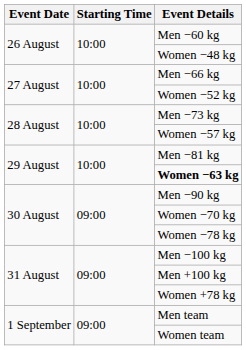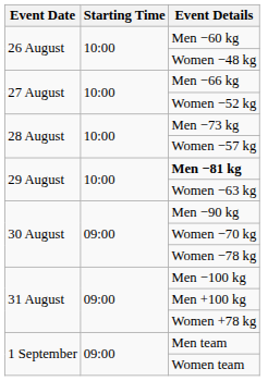 <table class="wikitable">
 <tr>
 <th>Event Date</th>
 <th>Starting Time</th>
 <th>Event Details</th>
 </tr>
 <tr>
 <td rowspan=2>26 August</td>
 <td rowspan=2>10:00</td>
 <td>Men −60 kg</td>
 </tr>
 <tr>
 <td>Women −48 kg</td>
 </tr>
 <tr>
 <td rowspan=2>27 August</td>
 <td rowspan=2>10:00</td>
 <td>Men −66 kg</td>
 </tr>
 <tr>
 <td>Women −52 kg</td>
 </tr>
 <tr>
 <td rowspan=2>28 August</td>
 <td rowspan=2>10:00</td>
 <td>Men −73 kg</td>
 </tr>
 <tr>
 <td>Women −57 kg</td>
 </tr>
 <tr>
 <td rowspan=2>29 August</td>
 <td rowspan=2>10:00</td>
-<td>Men −81 kg</td>
+<td><strong>Men −81 kg</strong></td>
 </tr>
 <tr>
-<td><strong>Women −63 kg</strong></td>
+<td>Women −63 kg</td>
 </tr>
 <tr>
 <td rowspan=3>30 August</td>
 <td rowspan=3>09:00</td>
 <td>Men −90 kg</td>
 </tr>
 <tr>
 <td>Women −70 kg</td>
 </tr>
 <tr>
 <td>Women −78 kg</td>
 </tr>
 <tr>
 <td rowspan=3>31 August</td>
 <td rowspan=3>09:00</td>
 <td>Men −100 kg</td>
 </tr>
 <tr>
 <td>Men +100 kg</td>
 </tr>
 <tr>
 <td>Women +78 kg</td>
 </tr>
 <tr>
 <td rowspan=2>1 September</td>
 <td rowspan=2>09:00</td>
 <td>Men team</td>
 </tr>
 <tr>
 <td>Women team</td>
 </tr>
 </table>
